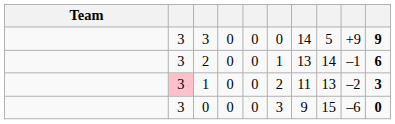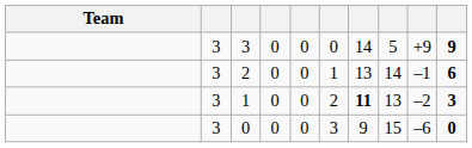 <table class="wikitable" style="text-align: center;">
 <tr>
 <th style="width:175px;">Team</th>
 <th width="20"></th>
 <th width="20"></th>
 <th width="20"></th>
 <th width="20"></th>
 <th width="20"></th>
 <th width="20"></th>
 <th width="20"></th>
 <th width="20"></th>
 <th width="20"></th>
 </tr>
 <tr -bgcolor=#ccccff>
 <td align=left></td>
 <td>3</td>
 <td>3</td>
 <td>0</td>
 <td>0</td>
 <td>0</td>
 <td>14</td>
 <td>5</td>
 <td>+9</td>
 <td><strong>9</strong></td>
 </tr>
 <tr>
 <td align=left></td>
 <td>3</td>
 <td>2</td>
 <td>0</td>
 <td>0</td>
 <td>1</td>
 <td>13</td>
 <td>14</td>
 <td>–1</td>
 <td><strong>6</strong></td>
 </tr>
 <tr>
 <td align=left></td>
-<td style="background: pink;">3</td>
+<td>3</td>
 <td>1</td>
 <td>0</td>
 <td>0</td>
 <td>2</td>
-<td>11</td>
+<td><strong>11</strong></td>
 <td>13</td>
 <td>–2</td>
 <td><strong>3</strong></td>
 </tr>
 <tr>
 <td align=left></td>
 <td>3</td>
 <td>0</td>
 <td>0</td>
 <td>0</td>
 <td>3</td>
 <td>9</td>
 <td>15</td>
 <td>–6</td>
 <td><strong>0</strong></td>
 </tr>
 </table>
